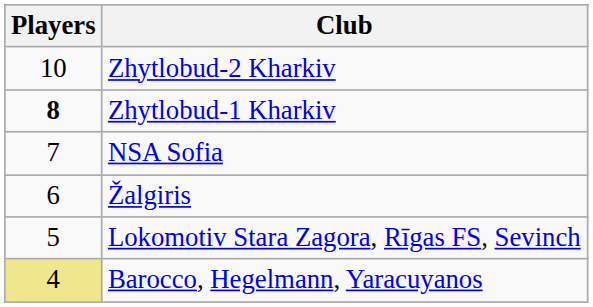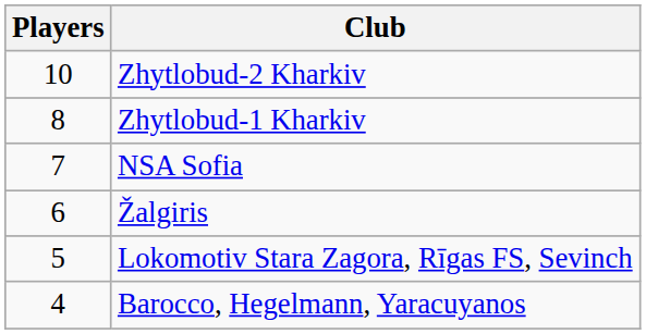 <table class="wikitable">
 <tr>
 <th>Players</th>
 <th>Club</th>
 </tr>
 <tr>
 <td align="center">10</td>
 <td> <a href='#'>Zhytlobud-2 Kharkiv</a></td>
 </tr>
 <tr>
-<td align="center"><strong>8</strong></td>
+<td align="center">8</td>
 <td> <a href='#'>Zhytlobud-1 Kharkiv</a></td>
 </tr>
 <tr>
 <td align="center">7</td>
 <td> <a href='#'>NSA Sofia</a></td>
 </tr>
 <tr>
 <td align="center">6</td>
 <td> <a href='#'>Žalgiris</a></td>
 </tr>
 <tr>
 <td align="center">5</td>
 <td> <a href='#'>Lokomotiv Stara Zagora</a>,  <a href='#'>Rīgas FS</a>,  <a href='#'>Sevinch</a></td>
 </tr>
 <tr>
-<td align="center" style="background: khaki;">4</td>
+<td align="center">4</td>
 <td> <a href='#'>Barocco</a>,  <a href='#'>Hegelmann</a>,  <a href='#'>Yaracuyanos</a></td>
 </tr>
 </table>
